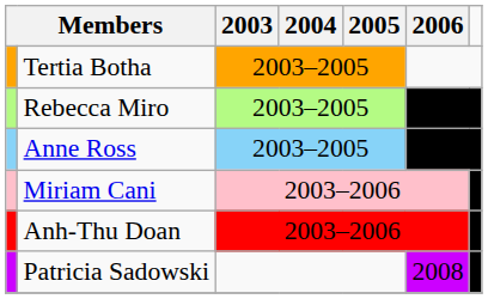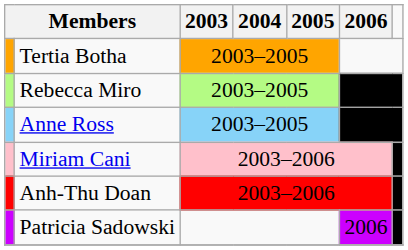 <table class="wikitable">
 <tr>
 <th colspan="2">Members</th>
 <th>2003</th>
 <th>2004</th>
 <th>2005</th>
 <th>2006</th>
 </tr>
 <tr>
 <td style="background:orange"></td>
 <td>Tertia Botha</td>
 <td colspan="3" style="text-align:center; background:orange;">2003–2005</td>
 <td colspan="17" style="text-align:center; ÷background:black;"></td>
 </tr>
 <tr>
 <td style="background:#B4FB84"></td>
 <td>Rebecca Miro</td>
 <td colspan="3" style="text-align:center; background:#b4fb84;">2003–2005</td>
 <td colspan="17" style="text-align:center; background:black;"></td>
 </tr>
 <tr>
 <td style="background:#87D3F8"></td>
 <td><a href='#'>Anne Ross</a></td>
 <td colspan="3" style="text-align:center; background:#87d3f8;">2003–2005</td>
 <td colspan="17" style="text-align:center; background:black;"></td>
 </tr>
 <tr>
 <td style="background:pink"></td>
 <td><a href='#'>Miriam Cani</a></td>
 <td colspan="4" style="text-align:center; background:pink;">2003–2006</td>
 <td colspan="16" style="text-align:center; background:black;"></td>
 </tr>
 <tr>
 <td style="background:#f00;"></td>
 <td>Anh-Thu Doan</td>
 <td colspan="4" style="text-align:center; background:#f00;">2003–2006</td>
 <td colspan="16" style="text-align:center; background:black;"></td>
 </tr>
 <tr>
 <td style="background:#CC00FF;"></td>
 <td>Patricia Sadowski</td>
 <td colspan="3"></td>
-<td colspan="1" style="text-align:center; background:#CC00FF;">2008</td>
+<td colspan="1" style="text-align:center; background:#CC00FF;">2006</td>
 <td colspan="16" style="text-align:center; background:black;"></td>
 </tr>
 <tr>
 </tr>
 </table>
